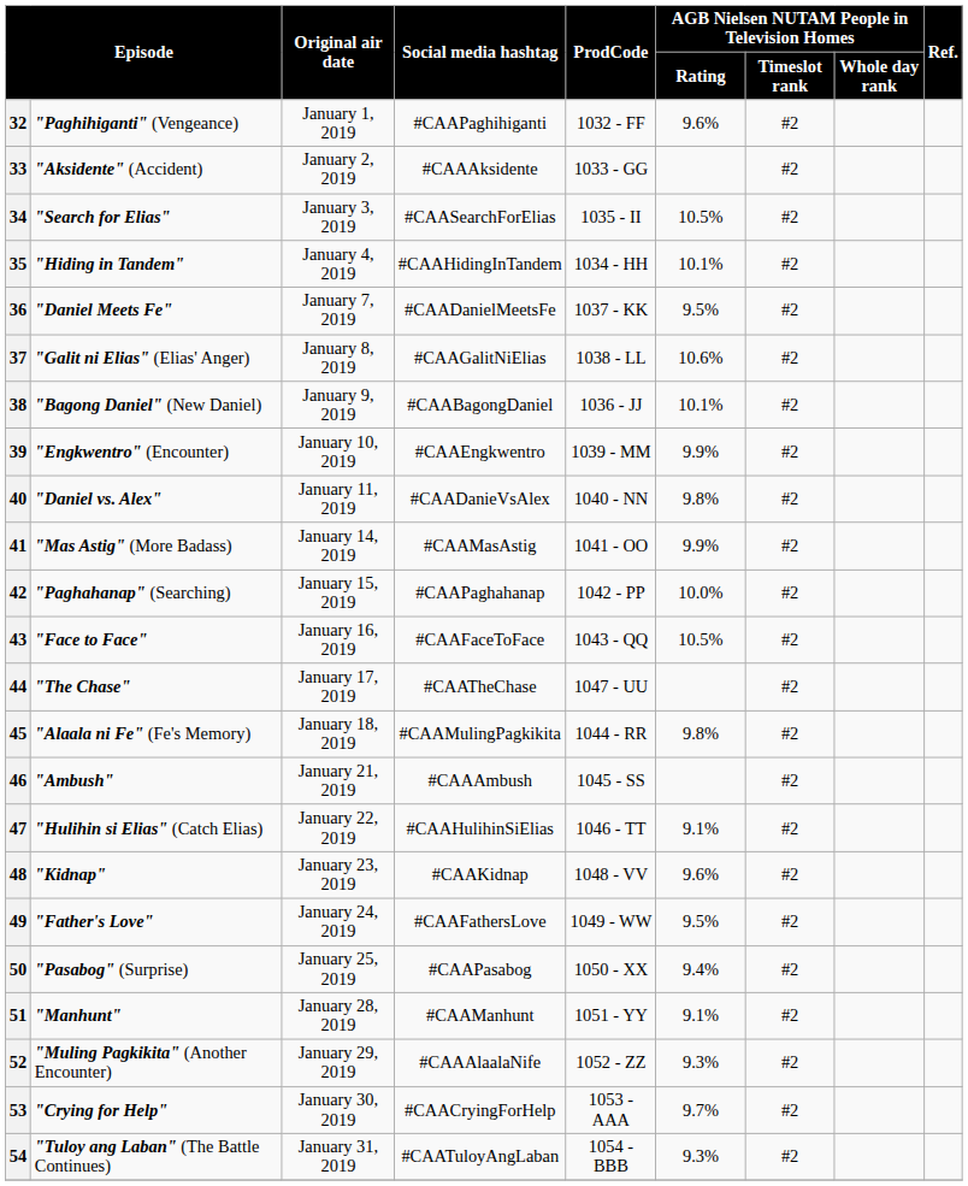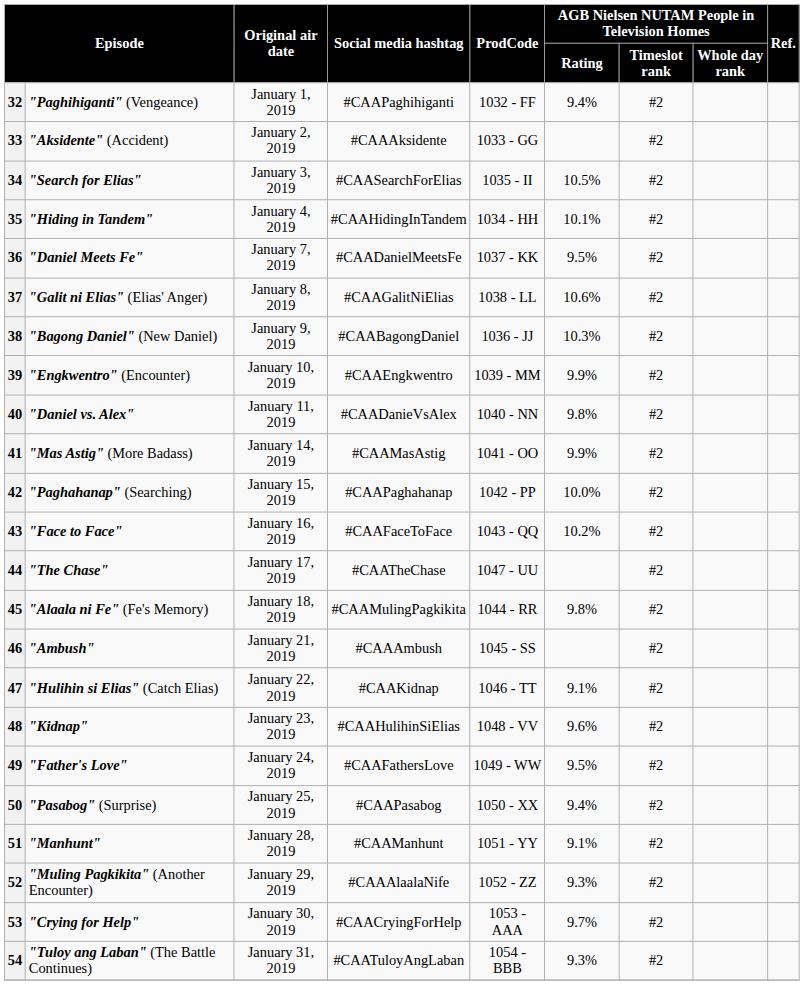 <table class="wikitable" style="text-align:center; font-size:100%; line-height:18px;" width="100%">
 <tr>
 <th style="background-color:#000000; color:white;" colspan="2" rowspan="2">Episode</th>
 <th style="background-color:#000000; color:white" rowspan="2">Original air date</th>
 <th style="background-color:#000000; color:white" rowspan="2">Social media hashtag</th>
 <th style="background-color:#000000; color:#ffffff;" rowspan="2">ProdCode</th>
 <th style="background-color:#000000; color:white;" colspan="3">AGB Nielsen NUTAM People in Television Homes</th>
 <th style="background-color:#000000;  color:white;" rowspan="2">Ref.</th>
 </tr>
 <tr>
 <th style="background-color:#000000; width:75px; color:white;">Rating</th>
 <th style="background-color:#000000;  width:75px; color:white;">Timeslot<br>rank</th>
 <th style="background-color:#000000; width:75px; color:white;">Whole day<br>rank</th>
 </tr>
 <tr>
 <th>32</th>
 <td style="text-align: left;"><strong><em>"Paghihiganti"</em></strong> (Vengeance)</td>
 <td>January 1, 2019</td>
 <td>#CAAPaghihiganti</td>
 <td>1032 - FF</td>
-<td>9.6%</td>
+<td>9.4%</td>
 <td>#2</td>
 <td></td>
 <td></td>
 </tr>
 <tr>
 <th>33</th>
 <td style="text-align: left;"><strong><em>"Aksidente"</em></strong> (Accident)</td>
 <td>January 2, 2019</td>
 <td>#CAAAksidente</td>
 <td>1033 - GG</td>
 <td></td>
 <td>#2</td>
 <td></td>
 <td></td>
 </tr>
 <tr>
 <th>34</th>
 <td style="text-align: left;"><strong><em>"Search for Elias"</em></strong></td>
 <td>January 3, 2019</td>
 <td>#CAASearchForElias</td>
 <td>1035 - II</td>
 <td>10.5%</td>
 <td>#2</td>
 <td></td>
 <td></td>
 </tr>
 <tr>
 <th>35</th>
 <td style="text-align: left;"><strong><em>"Hiding in Tandem"</em></strong></td>
 <td>January 4, 2019</td>
 <td>#CAAHidingInTandem</td>
 <td>1034 - HH</td>
 <td>10.1%</td>
 <td>#2</td>
 <td></td>
 <td></td>
 </tr>
 <tr>
 <th>36</th>
 <td style="text-align: left;"><strong><em>"Daniel Meets Fe"</em></strong></td>
 <td>January 7, 2019</td>
 <td>#CAADanielMeetsFe</td>
 <td>1037 - KK</td>
 <td>9.5%</td>
 <td>#2</td>
 <td></td>
 <td></td>
 </tr>
 <tr>
 <th>37</th>
 <td style="text-align: left;"><strong><em>"Galit ni Elias"</em></strong> (Elias' Anger)</td>
 <td>January 8, 2019</td>
 <td>#CAAGalitNiElias</td>
 <td>1038 - LL</td>
 <td>10.6%</td>
 <td>#2</td>
 <td></td>
 <td></td>
 </tr>
 <tr>
 <th>38</th>
 <td style="text-align: left;"><strong><em>"Bagong Daniel"</em></strong> (New Daniel)</td>
 <td>January 9, 2019</td>
 <td>#CAABagongDaniel</td>
 <td>1036 - JJ</td>
-<td>10.1%</td>
+<td>10.3%</td>
 <td>#2</td>
 <td></td>
 <td></td>
 </tr>
 <tr>
 <th>39</th>
 <td style="text-align: left;"><strong><em>"Engkwentro"</em></strong> (Encounter)</td>
 <td>January 10, 2019</td>
 <td>#CAAEngkwentro</td>
 <td>1039 - MM</td>
 <td>9.9%</td>
 <td>#2</td>
 <td></td>
 <td></td>
 </tr>
 <tr>
 <th>40</th>
 <td style="text-align: left;"><strong><em>"Daniel vs. Alex"</em></strong></td>
 <td>January 11, 2019</td>
 <td>#CAADanieVsAlex</td>
 <td>1040 - NN</td>
 <td>9.8%</td>
 <td>#2</td>
 <td></td>
 <td></td>
 </tr>
 <tr>
 <th>41</th>
 <td style="text-align: left;"><strong><em>"Mas Astig"</em></strong> (More Badass)</td>
 <td>January 14, 2019</td>
 <td>#CAAMasAstig</td>
 <td>1041 - OO</td>
 <td>9.9%</td>
 <td>#2</td>
 <td></td>
 <td></td>
 </tr>
 <tr>
 <th>42</th>
 <td style="text-align: left;"><strong><em>"Paghahanap"</em></strong> (Searching)</td>
 <td>January 15, 2019</td>
 <td>#CAAPaghahanap</td>
 <td>1042 - PP</td>
 <td>10.0%</td>
 <td>#2</td>
 <td></td>
 <td></td>
 </tr>
 <tr>
 <th>43</th>
 <td style="text-align: left;"><strong><em>"Face to Face"</em></strong></td>
 <td>January 16, 2019</td>
 <td>#CAAFaceToFace</td>
 <td>1043 - QQ</td>
-<td>10.5%</td>
+<td>10.2%</td>
 <td>#2</td>
 <td></td>
 <td></td>
 </tr>
 <tr>
 <th>44</th>
 <td style="text-align: left;"><strong><em>"The Chase"</em></strong></td>
 <td>January 17, 2019</td>
 <td>#CAATheChase</td>
 <td>1047 - UU</td>
 <td></td>
 <td>#2</td>
 <td></td>
 <td></td>
 </tr>
 <tr>
 <th>45</th>
 <td style="text-align: left;"><strong><em>"Alaala ni Fe"</em></strong> (Fe's Memory)</td>
 <td>January 18, 2019</td>
 <td>#CAAMulingPagkikita</td>
 <td>1044 - RR</td>
 <td>9.8%</td>
 <td>#2</td>
 <td></td>
 <td></td>
 </tr>
 <tr>
 <th>46</th>
 <td style="text-align: left;"><strong><em>"Ambush"</em></strong></td>
 <td>January 21, 2019</td>
 <td>#CAAAmbush</td>
 <td>1045 - SS</td>
 <td></td>
 <td>#2</td>
 <td></td>
 <td></td>
 </tr>
 <tr>
 <th>47</th>
 <td style="text-align: left;"><strong><em>"Hulihin si Elias"</em></strong> (Catch Elias)</td>
 <td>January 22, 2019</td>
-<td>#CAAHulihinSiElias</td>
+<td>#CAAKidnap</td>
 <td>1046 - TT</td>
 <td>9.1%</td>
 <td>#2</td>
 <td></td>
 <td></td>
 </tr>
 <tr>
 <th>48</th>
 <td style="text-align: left;"><strong><em>"Kidnap"</em></strong></td>
 <td>January 23, 2019</td>
-<td>#CAAKidnap</td>
+<td>#CAAHulihinSiElias</td>
 <td>1048 - VV</td>
 <td>9.6%</td>
 <td>#2</td>
 <td></td>
 <td></td>
 </tr>
 <tr>
 <th>49</th>
 <td style="text-align: left;"><strong><em>"Father's Love"</em></strong></td>
 <td>January 24, 2019</td>
 <td>#CAAFathersLove</td>
 <td>1049 - WW</td>
 <td>9.5%</td>
 <td>#2</td>
 <td></td>
 <td></td>
 </tr>
 <tr>
 <th>50</th>
 <td style="text-align: left;"><strong><em>"Pasabog"</em></strong> (Surprise)</td>
 <td>January 25, 2019</td>
 <td>#CAAPasabog</td>
 <td>1050 - XX</td>
 <td>9.4%</td>
 <td>#2</td>
 <td></td>
 <td></td>
 </tr>
 <tr>
 <th>51</th>
 <td style="text-align: left;"><strong><em>"Manhunt"</em></strong></td>
 <td>January 28, 2019</td>
 <td>#CAAManhunt</td>
 <td>1051 - YY</td>
 <td>9.1%</td>
 <td>#2</td>
 <td></td>
 <td></td>
 </tr>
 <tr>
 <th>52</th>
 <td style="text-align: left;"><strong><em>"Muling Pagkikita"</em></strong> (Another Encounter)</td>
 <td>January 29, 2019</td>
 <td>#CAAAlaalaNife</td>
 <td>1052 - ZZ</td>
 <td>9.3%</td>
 <td>#2</td>
 <td></td>
 <td></td>
 </tr>
 <tr>
 <th>53</th>
 <td style="text-align: left;"><strong><em>"Crying for Help"</em></strong></td>
 <td>January 30, 2019</td>
 <td>#CAACryingForHelp</td>
 <td>1053 - AAA</td>
 <td>9.7%</td>
 <td>#2</td>
 <td></td>
 <td></td>
 </tr>
 <tr>
 <th>54</th>
 <td style="text-align: left;"><strong><em>"Tuloy ang Laban"</em></strong> (The Battle Continues)</td>
 <td>January 31, 2019</td>
 <td>#CAATuloyAngLaban</td>
 <td>1054 - BBB</td>
 <td>9.3%</td>
 <td>#2</td>
 <td></td>
 <td></td>
 </tr>
 <tr>
 </tr>
 </table>
